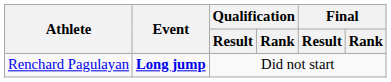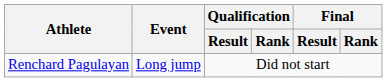 <table class="wikitable" style="font-size:90%; text-align:center">
 <tr>
 <th rowspan="2">Athlete</th>
 <th rowspan="2">Event</th>
 <th colspan="2">Qualification</th>
 <th colspan="2">Final</th>
 </tr>
 <tr>
 <th>Result</th>
 <th>Rank</th>
 <th>Result</th>
 <th>Rank</th>
 </tr>
 <tr>
 <td align="left"><a href='#'>Renchard Pagulayan</a></td>
-<td align="left"><strong><a href='#'>Long jump</a></strong></td>
+<td align="left"><a href='#'>Long jump</a></td>
 <td colspan="6">Did not start</td>
 </tr>
 </table>
